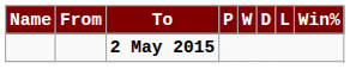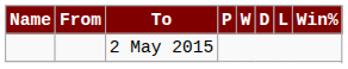 <table class="wikitable sortable" style="text-align: center;">
 <tr>
 <th style="background:maroon; color:white;" scope="col">Name</th>
 <th style="background:maroon; color:white;" scope="col">From</th>
 <th style="background:maroon; color:white;" scope="col">To</th>
 <th style="background:maroon; color:white;" scope="col">P</th>
 <th style="background:maroon; color:white;" scope="col">W</th>
 <th style="background:maroon; color:white;" scope="col">D</th>
 <th style="background:maroon; color:white;" scope="col">L</th>
 <th style="background:maroon; color:white;" scope="col">Win%</th>
 </tr>
 <tr>
 <td align=left></td>
 <td></td>
-<td><strong>2 May 2015<br></strong></td>
+<td>2 May 2015<br></td>
 </tr>
 <tr>
 </tr>
 </table>
